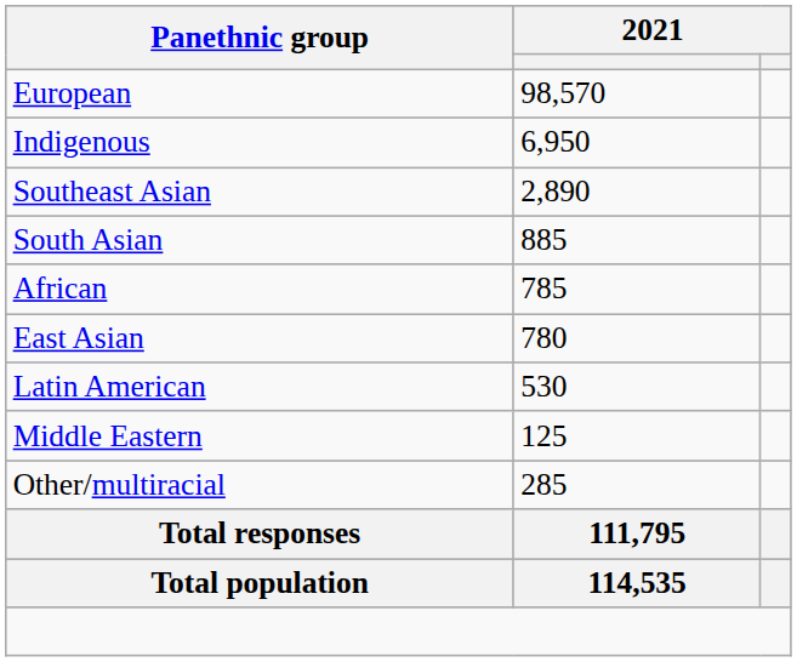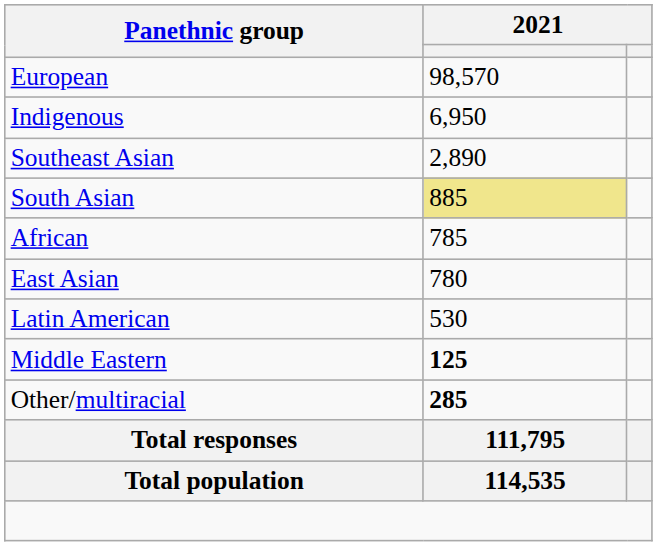 <table class="wikitable collapsible sortable">
 <tr>
 <th rowspan="2"><a href='#'>Panethnic</a> group</th>
 <th colspan="2">2021</th>
 </tr>
 <tr>
 <th><a href='#'></a></th>
 <th></th>
 </tr>
 <tr>
 <td><a href='#'>European</a></td>
 <td>98,570</td>
 <td></td>
 </tr>
 <tr>
 <td><a href='#'>Indigenous</a></td>
 <td>6,950</td>
 <td></td>
 </tr>
 <tr>
 <td><a href='#'>Southeast Asian</a></td>
 <td>2,890</td>
 <td></td>
 </tr>
 <tr>
 <td><a href='#'>South Asian</a></td>
-<td>885</td>
+<td style="background: khaki;">885</td>
 <td></td>
 </tr>
 <tr>
 <td><a href='#'>African</a></td>
 <td>785</td>
 <td></td>
 </tr>
 <tr>
 <td><a href='#'>East Asian</a></td>
 <td>780</td>
 <td></td>
 </tr>
 <tr>
 <td><a href='#'>Latin American</a></td>
 <td>530</td>
 <td></td>
 </tr>
 <tr>
 <td><a href='#'>Middle Eastern</a></td>
-<td>125</td>
+<td><strong>125</strong></td>
 <td></td>
 </tr>
 <tr>
 <td>Other/<a href='#'>multiracial</a></td>
-<td>285</td>
+<td><strong>285</strong></td>
 <td></td>
 </tr>
 <tr>
 <th>Total responses</th>
 <th>111,795</th>
 <th></th>
 </tr>
 <tr class="sortbottom">
 <th>Total population</th>
 <th>114,535</th>
 <th></th>
 </tr>
 <tr class="sortbottom">
 <td colspan="15" style="width: 25em;"><br></td>
 </tr>
 </table>
